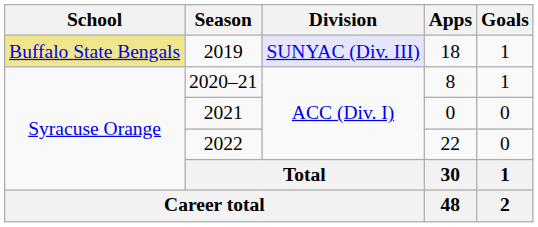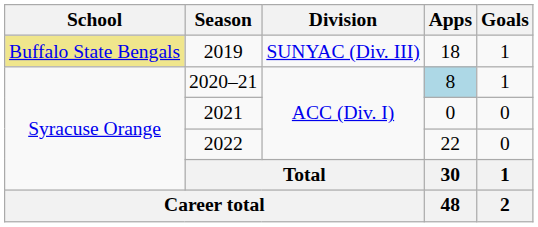 <table class="wikitable" style="text-align: center;">
 <tr>
 <th>School</th>
 <th>Season</th>
 <th>Division</th>
 <th>Apps</th>
 <th>Goals</th>
 </tr>
 <tr>
 <td style="background: khaki;"><a href='#'>Buffalo State Bengals</a></td>
 <td>2019</td>
-<td style="background: lavender;"><a href='#'>SUNYAC (Div. III)</a></td>
+<td><a href='#'>SUNYAC (Div. III)</a></td>
 <td>18</td>
 <td>1</td>
 </tr>
 <tr>
 <td rowspan="4"><a href='#'>Syracuse Orange</a></td>
 <td>2020–21</td>
 <td rowspan="3"><a href='#'>ACC (Div. I)</a></td>
-<td>8</td>
+<td style="background: lightblue;">8</td>
 <td>1</td>
 </tr>
 <tr>
 <td>2021</td>
 <td>0</td>
 <td>0</td>
 </tr>
 <tr>
 <td>2022</td>
 <td>22</td>
 <td>0</td>
 </tr>
 <tr>
 <th colspan="2">Total</th>
 <th>30</th>
 <th>1</th>
 </tr>
 <tr>
 <th colspan="3">Career total</th>
 <th>48</th>
 <th>2</th>
 </tr>
 </table>
